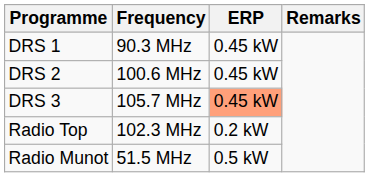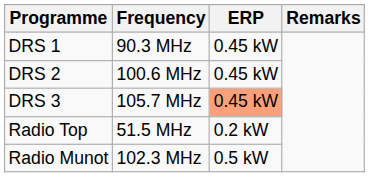 <table class="wikitable">
 <tr style="background:#ccc;">
 <th>Programme</th>
 <th>Frequency</th>
 <th>ERP</th>
 <th>Remarks</th>
 </tr>
 <tr>
 <td>DRS 1</td>
 <td>90.3 MHz</td>
 <td>0.45 kW</td>
 </tr>
 <tr>
 <td>DRS 2</td>
 <td>100.6 MHz</td>
 <td>0.45 kW</td>
 </tr>
 <tr>
 <td>DRS 3</td>
 <td>105.7 MHz</td>
 <td style="background: lightsalmon;">0.45 kW</td>
 </tr>
 <tr>
 <td>Radio Top</td>
-<td>102.3 MHz</td>
+<td>51.5 MHz</td>
 <td>0.2 kW</td>
 </tr>
 <tr>
 <td>Radio Munot</td>
-<td>51.5 MHz</td>
+<td>102.3 MHz</td>
 <td>0.5 kW</td>
 </tr>
 </table>
